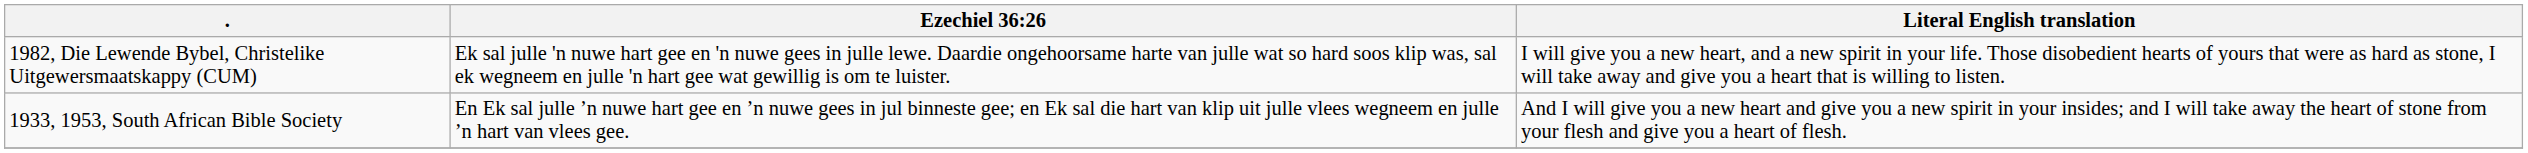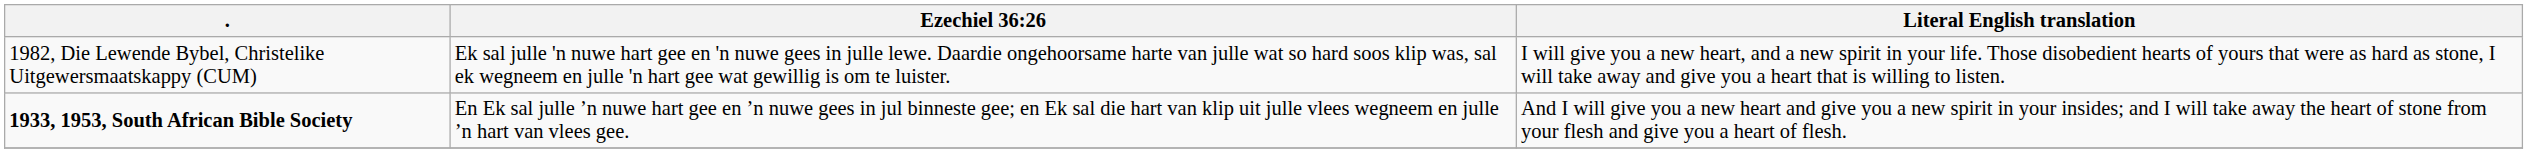 <table class="wikitable">
 <tr>
 <th>.</th>
 <th>Ezechiel 36:26</th>
 <th>Literal English translation</th>
 </tr>
 <tr>
 <td>1982, Die Lewende Bybel, Christelike Uitgewersmaatskappy (CUM)</td>
 <td>Ek sal julle 'n nuwe hart gee en 'n nuwe gees in julle lewe. Daardie ongehoorsame harte van julle wat so hard soos klip was, sal ek wegneem en julle 'n hart gee wat gewillig is om te luister.</td>
 <td>I will give you a new heart, and a new spirit in your life. Those disobedient hearts of yours that were as hard as stone, I will take away and give you a heart that is willing to listen.</td>
 </tr>
 <tr>
-<td>1933, 1953, South African Bible Society</td>
+<td><strong>1933, 1953, South African Bible Society</strong></td>
 <td>En Ek sal julle ’n nuwe hart gee en ’n nuwe gees in jul binneste gee; en Ek sal die hart van klip uit julle vlees wegneem en julle ’n hart van vlees gee.</td>
 <td>And I will give you a new heart and give you a new spirit in your insides; and I will take away the heart of stone from your flesh and give you a heart of flesh.</td>
 </tr>
 <tr>
 </tr>
 </table>
